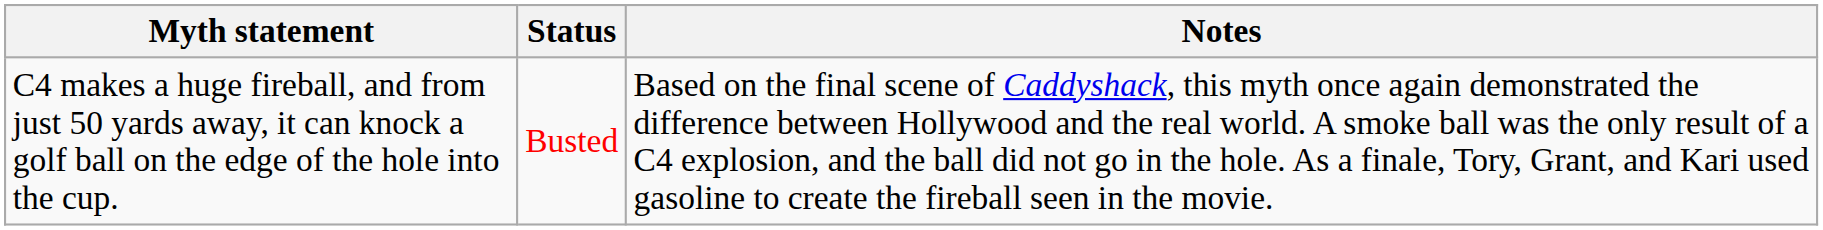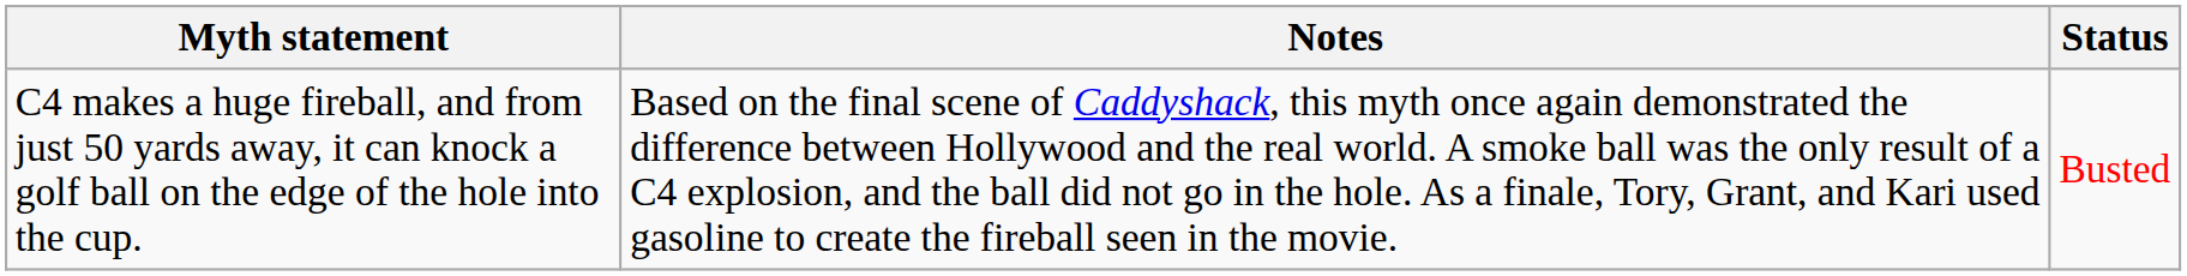 <table class="wikitable plainrowheaders">
 <tr>
 <th>Myth statement</th>
+<th>Notes</th>
 <th>Status</th>
-<th>Notes</th>
 </tr>
 <tr>
 <td>C4 makes a huge fireball, and from just 50 yards away, it can knock a golf ball on the edge of the hole into the cup.</td>
+<td>Based on the final scene of <em><a href='#'>Caddyshack</a></em>, this myth once again demonstrated the difference between Hollywood and the real world. A smoke ball was the only result of a C4 explosion, and the ball did not go in the hole. As a finale, Tory, Grant, and Kari used gasoline to create the fireball seen in the movie.</td>
 <td style="color:red">Busted</td>
-<td>Based on the final scene of <em><a href='#'>Caddyshack</a></em>, this myth once again demonstrated the difference between Hollywood and the real world. A smoke ball was the only result of a C4 explosion, and the ball did not go in the hole. As a finale, Tory, Grant, and Kari used gasoline to create the fireball seen in the movie.</td>
 </tr>
 </table>
